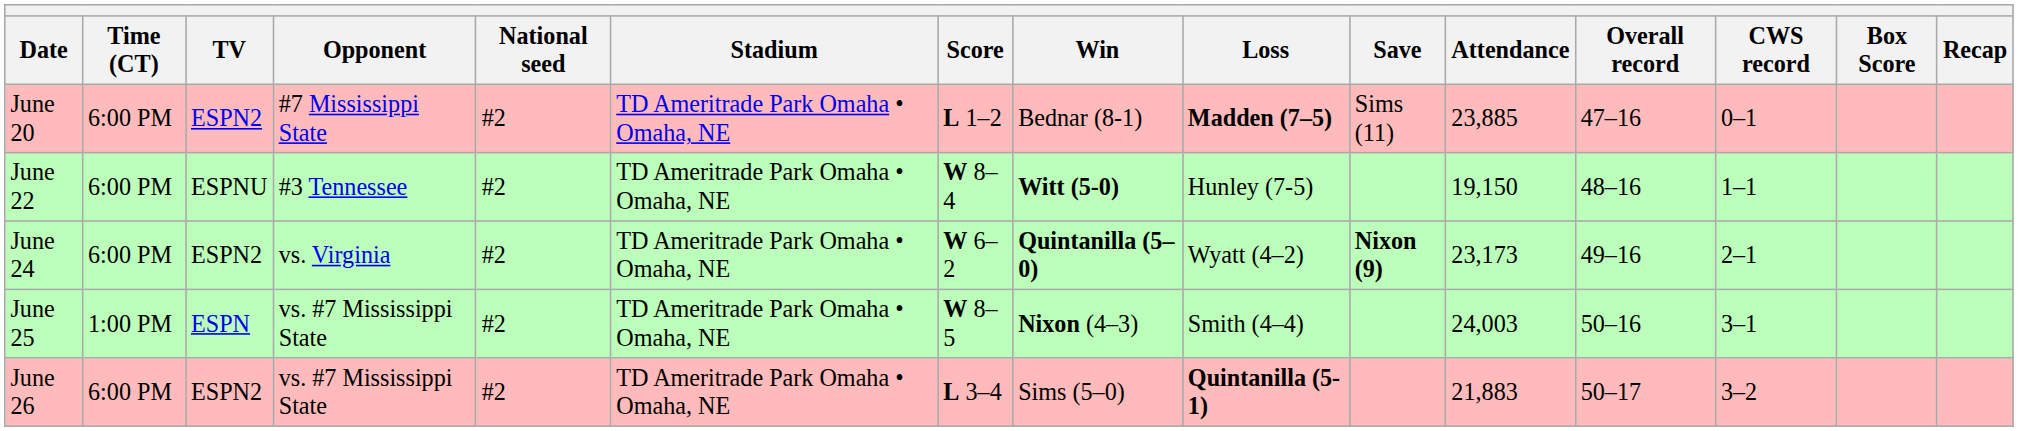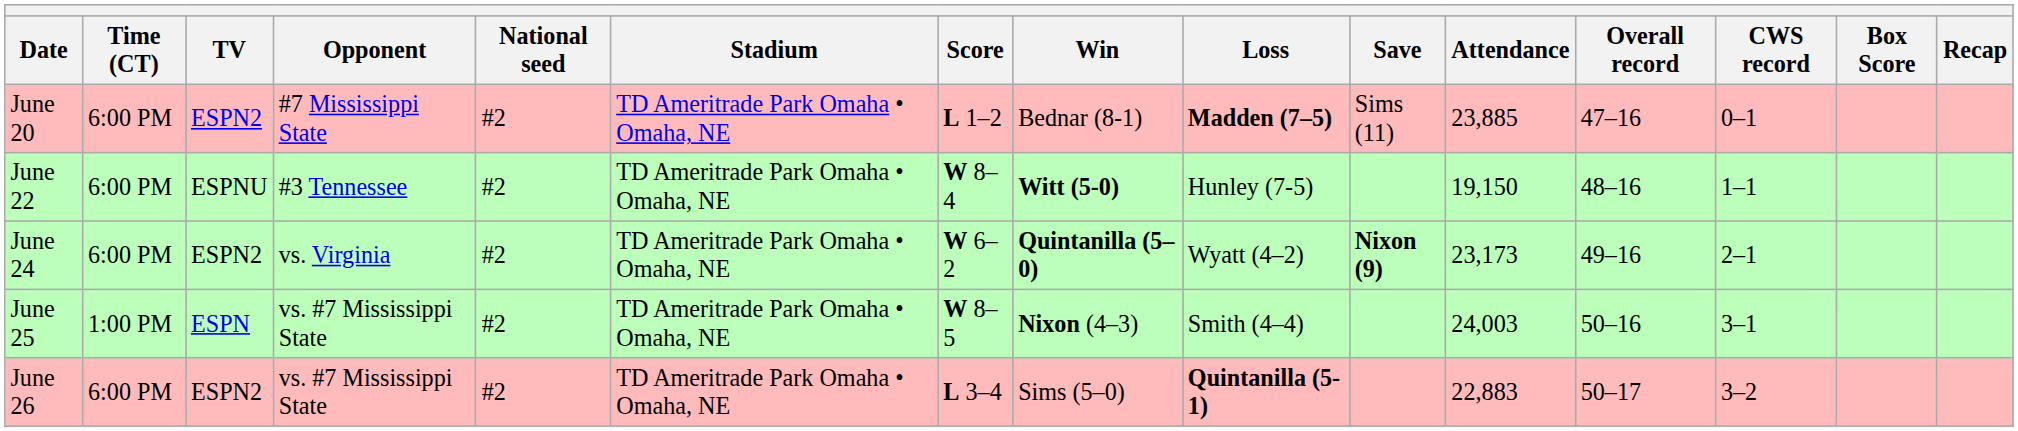 <table class="wikitable collapsible" style="margin:auto; font-size:95%; width:100%">
 <tr>
 <th colspan=15 style="padding-left:4em;"></th>
 </tr>
 <tr>
 <th>Date</th>
 <th>Time (CT)</th>
 <th>TV</th>
 <th>Opponent</th>
 <th>National seed</th>
 <th>Stadium</th>
 <th>Score</th>
 <th>Win</th>
 <th>Loss</th>
 <th>Save</th>
 <th>Attendance</th>
 <th>Overall record</th>
 <th>CWS record</th>
 <th>Box Score</th>
 <th>Recap</th>
 </tr>
 <tr bgcolor= ffbbbb>
 <td>June 20</td>
 <td>6:00 PM</td>
 <td><a href='#'>ESPN2</a></td>
 <td>#7 <a href='#'>Mississippi State</a></td>
 <td>#2</td>
 <td><a href='#'>TD Ameritrade Park Omaha</a> • <a href='#'>Omaha, NE</a></td>
 <td><strong>L</strong> 1–2</td>
 <td>Bednar (8-1)</td>
 <td><strong>Madden (7–5)</strong></td>
 <td>Sims (11)</td>
 <td>23,885</td>
 <td>47–16</td>
 <td>0–1</td>
 <td></td>
 <td></td>
 </tr>
 <tr bgcolor=bbffbb>
 <td>June 22</td>
 <td>6:00 PM</td>
 <td>ESPNU</td>
 <td>#3 <a href='#'>Tennessee</a></td>
 <td>#2</td>
 <td>TD Ameritrade Park Omaha • Omaha, NE</td>
 <td><strong>W</strong> 8–4</td>
 <td><strong>Witt (5-0)</strong></td>
 <td>Hunley (7-5)</td>
 <td></td>
 <td>19,150</td>
 <td>48–16</td>
 <td>1–1</td>
 <td></td>
 <td></td>
 </tr>
 <tr bgcolor= bbffbb>
 <td>June 24</td>
 <td>6:00 PM</td>
 <td>ESPN2</td>
 <td>vs. <a href='#'>Virginia</a></td>
 <td>#2</td>
 <td>TD Ameritrade Park Omaha • Omaha, NE</td>
 <td><strong>W</strong> 6–2</td>
 <td><strong>Quintanilla (5–0)</strong></td>
 <td>Wyatt (4–2)</td>
 <td><strong>Nixon (9)</strong></td>
 <td>23,173</td>
 <td>49–16</td>
 <td>2–1</td>
 <td></td>
 <td></td>
 </tr>
 <tr bgcolor=bbffbb>
 <td>June 25</td>
 <td>1:00 PM</td>
 <td><a href='#'>ESPN</a></td>
 <td>vs. #7 Mississippi State</td>
 <td>#2</td>
 <td>TD Ameritrade Park Omaha • Omaha, NE</td>
 <td><strong>W</strong> 8–5</td>
 <td><strong>Nixon</strong> (4–3)</td>
 <td>Smith (4–4)</td>
 <td></td>
 <td>24,003</td>
 <td>50–16</td>
 <td>3–1</td>
 <td></td>
 <td></td>
 </tr>
 <tr bgcolor= ffbbbb>
 <td>June 26</td>
 <td>6:00 PM</td>
 <td>ESPN2</td>
 <td>vs. #7 Mississippi State</td>
 <td>#2</td>
 <td>TD Ameritrade Park Omaha • Omaha, NE</td>
 <td><strong>L</strong> 3–4</td>
 <td>Sims (5–0)</td>
 <td><strong>Quintanilla (5-1)</strong></td>
 <td></td>
-<td>21,883</td>
+<td>22,883</td>
 <td>50–17</td>
 <td>3–2</td>
 <td></td>
 <td></td>
 </tr>
 </table>
